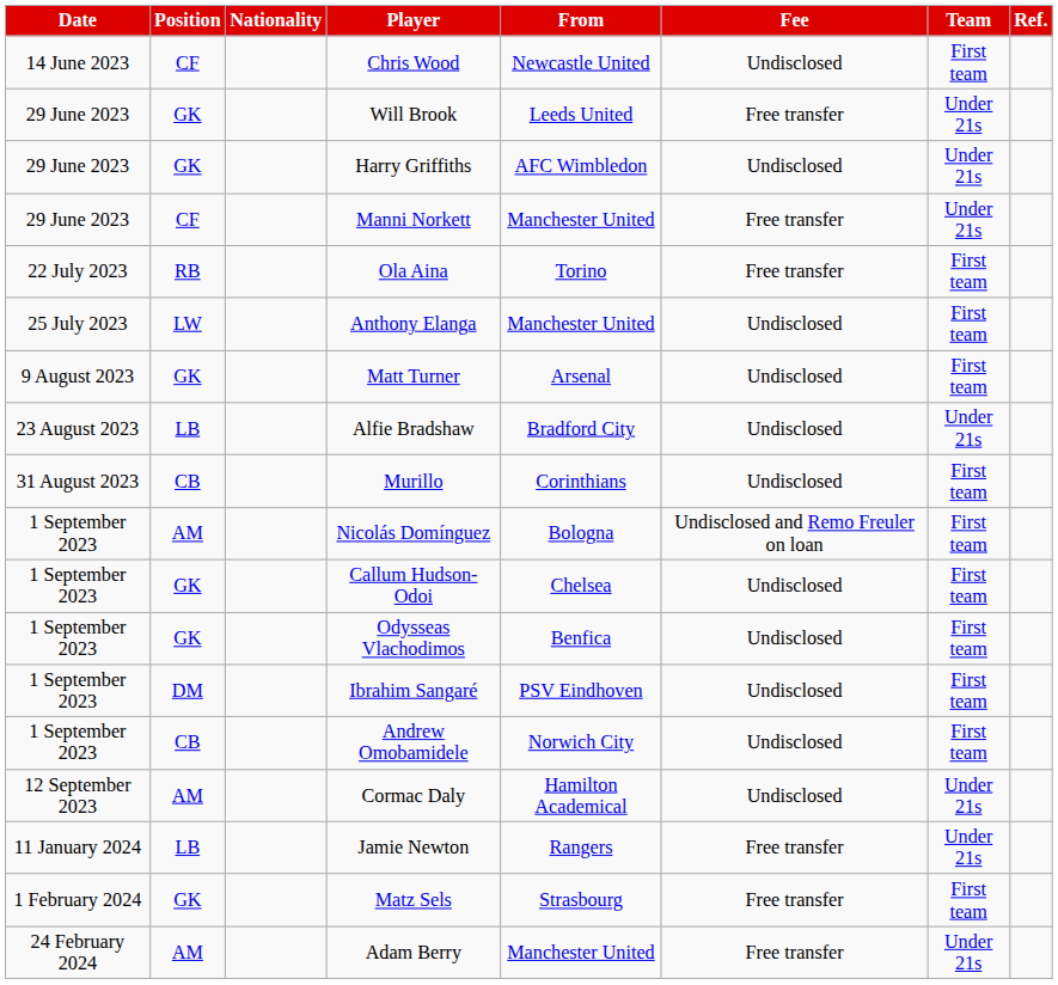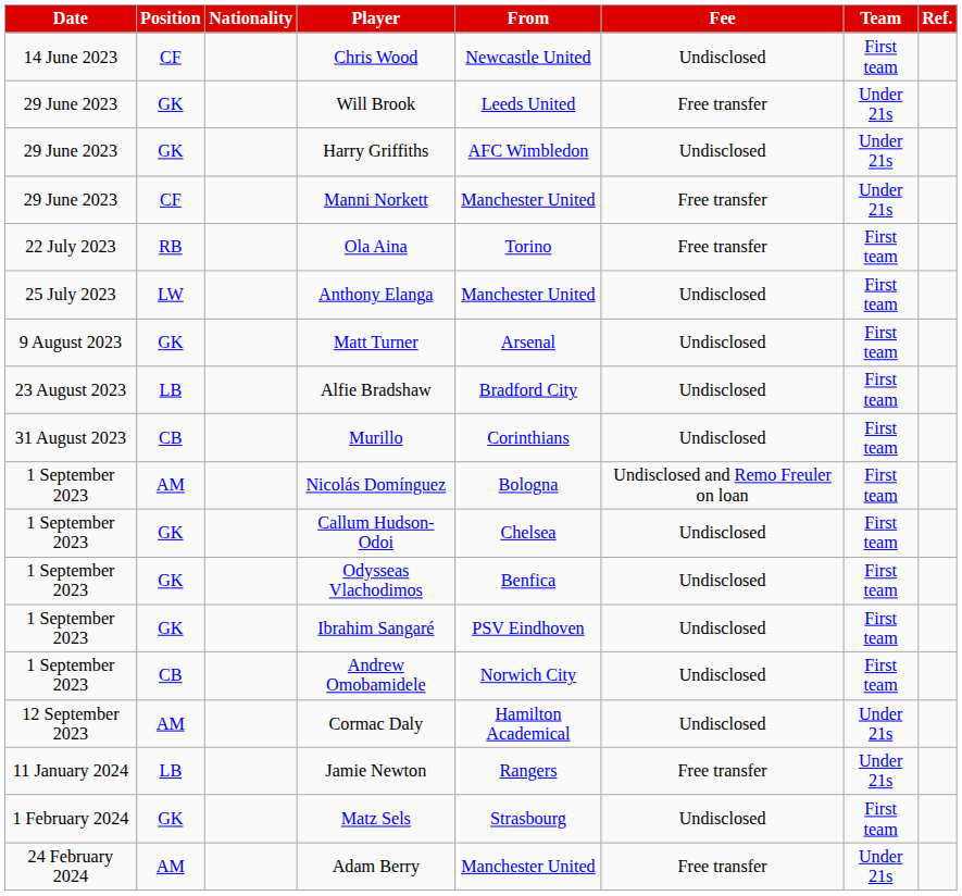 <table class="wikitable" style="text-align:center;">
 <tr>
 <th style="background:#DD0000; color:#FFFFFF; ">Date</th>
 <th style="background:#DD0000; color:#FFFFFF; ">Position</th>
 <th style="background:#DD0000; color:#FFFFFF; ">Nationality</th>
 <th style="background:#DD0000; color:#FFFFFF; ">Player</th>
 <th style="background:#DD0000; color:#FFFFFF; ">From</th>
 <th style="background:#DD0000; color:#FFFFFF; ">Fee</th>
 <th style="background:#DD0000; color:#FFFFFF; ">Team</th>
 <th style="background:#DD0000; color:#FFFFFF; ">Ref.</th>
 </tr>
 <tr>
 <td>14 June 2023</td>
 <td><a href='#'>CF</a></td>
 <td></td>
 <td><a href='#'>Chris Wood</a></td>
 <td> <a href='#'>Newcastle United</a></td>
 <td>Undisclosed</td>
 <td><a href='#'>First team</a></td>
 <td></td>
 </tr>
 <tr>
 <td>29 June 2023</td>
 <td><a href='#'>GK</a></td>
 <td></td>
 <td>Will Brook</td>
 <td> <a href='#'>Leeds United</a></td>
 <td>Free transfer</td>
 <td><a href='#'>Under 21s</a></td>
 <td></td>
 </tr>
 <tr>
 <td>29 June 2023</td>
 <td><a href='#'>GK</a></td>
 <td></td>
 <td>Harry Griffiths</td>
 <td> <a href='#'>AFC Wimbledon</a></td>
 <td>Undisclosed</td>
 <td><a href='#'>Under 21s</a></td>
 <td></td>
 </tr>
 <tr>
 <td>29 June 2023</td>
 <td><a href='#'>CF</a></td>
 <td></td>
 <td><a href='#'>Manni Norkett</a></td>
 <td> <a href='#'>Manchester United</a></td>
 <td>Free transfer</td>
 <td><a href='#'>Under 21s</a></td>
 <td></td>
 </tr>
 <tr>
 <td>22 July 2023</td>
 <td><a href='#'>RB</a></td>
 <td></td>
 <td><a href='#'>Ola Aina</a></td>
 <td> <a href='#'>Torino</a></td>
 <td>Free transfer</td>
 <td><a href='#'>First team</a></td>
 <td></td>
 </tr>
 <tr>
 <td>25 July 2023</td>
 <td><a href='#'>LW</a></td>
 <td></td>
 <td><a href='#'>Anthony Elanga</a></td>
 <td> <a href='#'>Manchester United</a></td>
 <td>Undisclosed</td>
 <td><a href='#'>First team</a></td>
 <td></td>
 </tr>
 <tr>
 <td>9 August 2023</td>
 <td><a href='#'>GK</a></td>
 <td></td>
 <td><a href='#'>Matt Turner</a></td>
 <td> <a href='#'>Arsenal</a></td>
 <td>Undisclosed</td>
 <td><a href='#'>First team</a></td>
 <td></td>
 </tr>
 <tr>
 <td>23 August 2023</td>
 <td><a href='#'>LB</a></td>
 <td></td>
 <td>Alfie Bradshaw</td>
 <td> <a href='#'>Bradford City</a></td>
 <td>Undisclosed</td>
-<td><a href='#'>Under 21s</a></td>
+<td><a href='#'>First team</a></td>
 <td></td>
 </tr>
 <tr>
 <td>31 August 2023</td>
 <td><a href='#'>CB</a></td>
 <td></td>
 <td><a href='#'>Murillo</a></td>
 <td> <a href='#'>Corinthians</a></td>
 <td>Undisclosed</td>
 <td><a href='#'>First team</a></td>
 <td></td>
 </tr>
 <tr>
 <td>1 September 2023</td>
 <td><a href='#'>AM</a></td>
 <td></td>
 <td><a href='#'>Nicolás Domínguez</a></td>
 <td> <a href='#'>Bologna</a></td>
 <td>Undisclosed and <a href='#'>Remo Freuler</a> on loan</td>
 <td><a href='#'>First team</a></td>
 <td></td>
 </tr>
 <tr>
 <td>1 September 2023</td>
 <td><a href='#'>GK</a></td>
 <td></td>
 <td><a href='#'>Callum Hudson-Odoi</a></td>
 <td> <a href='#'>Chelsea</a></td>
 <td>Undisclosed</td>
 <td><a href='#'>First team</a></td>
 <td></td>
 </tr>
 <tr>
 <td>1 September 2023</td>
 <td><a href='#'>GK</a></td>
 <td></td>
 <td><a href='#'>Odysseas Vlachodimos</a></td>
 <td> <a href='#'>Benfica</a></td>
 <td>Undisclosed</td>
 <td><a href='#'>First team</a></td>
 <td></td>
 </tr>
 <tr>
 <td>1 September 2023</td>
-<td><a href='#'>DM</a></td>
+<td><a href='#'>GK</a></td>
 <td></td>
 <td><a href='#'>Ibrahim Sangaré</a></td>
 <td> <a href='#'>PSV Eindhoven</a></td>
 <td>Undisclosed</td>
 <td><a href='#'>First team</a></td>
 <td></td>
 </tr>
 <tr>
 <td>1 September 2023</td>
 <td><a href='#'>CB</a></td>
 <td></td>
 <td><a href='#'>Andrew Omobamidele</a></td>
 <td> <a href='#'>Norwich City</a></td>
 <td>Undisclosed</td>
 <td><a href='#'>First team</a></td>
 <td></td>
 </tr>
 <tr>
 <td>12 September 2023</td>
 <td><a href='#'>AM</a></td>
 <td></td>
 <td>Cormac Daly</td>
 <td> <a href='#'>Hamilton Academical</a></td>
 <td>Undisclosed</td>
 <td><a href='#'>Under 21s</a></td>
 <td></td>
 </tr>
 <tr>
 <td>11 January 2024</td>
 <td><a href='#'>LB</a></td>
 <td></td>
 <td>Jamie Newton</td>
 <td> <a href='#'>Rangers</a></td>
 <td>Free transfer</td>
 <td><a href='#'>Under 21s</a></td>
 <td></td>
 </tr>
 <tr>
 <td>1 February 2024</td>
 <td><a href='#'>GK</a></td>
 <td></td>
 <td><a href='#'>Matz Sels</a></td>
 <td> <a href='#'>Strasbourg</a></td>
-<td>Free transfer</td>
+<td>Undisclosed</td>
 <td><a href='#'>First team</a></td>
 <td></td>
 </tr>
 <tr>
 <td>24 February 2024</td>
 <td><a href='#'>AM</a></td>
 <td></td>
 <td>Adam Berry</td>
 <td> <a href='#'>Manchester United</a></td>
 <td>Free transfer</td>
 <td><a href='#'>Under 21s</a></td>
 <td></td>
 </tr>
 </table>
